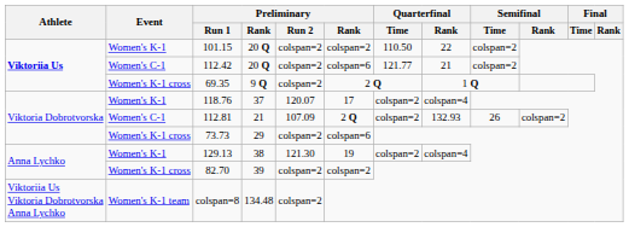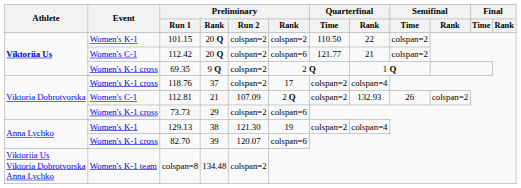 <table class="wikitable" style="font-size:90%">
 <tr>
 <th rowspan=2>Athlete</th>
 <th rowspan=2>Event</th>
 <th colspan=4>Preliminary</th>
 <th colspan=2>Quarterfinal</th>
 <th colspan=2>Semifinal</th>
 <th colspan=2>Final</th>
 </tr>
 <tr style="font-size:95%">
 <th>Run 1</th>
 <th>Rank</th>
 <th>Run 2</th>
 <th>Rank</th>
 <th>Time</th>
 <th>Rank</th>
 <th>Time</th>
 <th>Rank</th>
 <th>Time</th>
 <th>Rank</th>
 </tr>
 <tr align=center>
 <td rowspan="3" align="left"><strong><a href='#'>Viktoriia Us</a></strong></td>
 <td align=left><a href='#'>Women's K-1</a></td>
 <td>101.15</td>
 <td>20 <strong>Q</strong></td>
 <td>colspan=2 </td>
 <td>colspan=2 </td>
 <td>110.50</td>
 <td>22</td>
 <td>colspan=2 </td>
 </tr>
 <tr align=center>
 <td align=left><a href='#'>Women's C-1</a></td>
 <td>112.42</td>
 <td>20 <strong>Q</strong></td>
 <td>colspan=2 </td>
 <td>colspan=6 </td>
 <td>121.77</td>
 <td>21</td>
 <td>colspan=2 </td>
 </tr>
 <tr align=center>
 <td align=left><a href='#'>Women's K-1 cross</a></td>
 <td>69.35</td>
 <td>9 <strong>Q</strong></td>
 <td>colspan=2 </td>
 <td colspan=2>2 <strong>Q</strong></td>
 <td colspan=2>1 <strong>Q</strong></td>
 <td colspan=2></td>
 </tr>
 <tr align=center>
 <td rowspan="3" align="left"><a href='#'>Viktoria Dobrotvorska</a></td>
-<td align=left><a href='#'>Women's K-1</a></td>
+<td align=left><a href='#'>Women's K-1 cross</a></td>
 <td>118.76</td>
 <td>37</td>
-<td>120.07</td>
+<td>colspan=2 </td>
 <td>17</td>
 <td>colspan=2 </td>
 <td>colspan=4 </td>
 </tr>
 <tr align=center>
 <td align=left><a href='#'>Women's C-1</a></td>
 <td>112.81</td>
 <td>21</td>
 <td>107.09</td>
 <td>2 <strong>Q</strong></td>
 <td>colspan=2 </td>
 <td>132.93</td>
 <td>26</td>
 <td>colspan=2 </td>
 </tr>
 <tr align=center>
 <td align=left><a href='#'>Women's K-1 cross</a></td>
 <td>73.73</td>
 <td>29</td>
 <td>colspan=2 </td>
 <td>colspan=6 </td>
 </tr>
 <tr align=center>
 <td rowspan="2" align="left"><a href='#'>Anna Lychko</a></td>
 <td align=left><a href='#'>Women's K-1</a></td>
 <td>129.13</td>
 <td>38</td>
 <td>121.30</td>
 <td>19</td>
 <td>colspan=2 </td>
 <td>colspan=4 </td>
 </tr>
 <tr align=center>
 <td align=left><a href='#'>Women's K-1 cross</a></td>
 <td>82.70</td>
 <td>39</td>
-<td>colspan=2 </td>
-<td>colspan=2 </td>
+<td>120.07</td>
+<td>colspan=6 </td>
 </tr>
 <tr align=center>
 <td align="left"><a href='#'>Viktoriia Us</a><br><a href='#'>Viktoria Dobrotvorska</a><br><a href='#'>Anna Lychko</a></td>
 <td align=left><a href='#'>Women's K-1 team</a></td>
 <td>colspan=8 </td>
 <td>134.48</td>
 <td>colspan=2 </td>
 </tr>
 </table>
